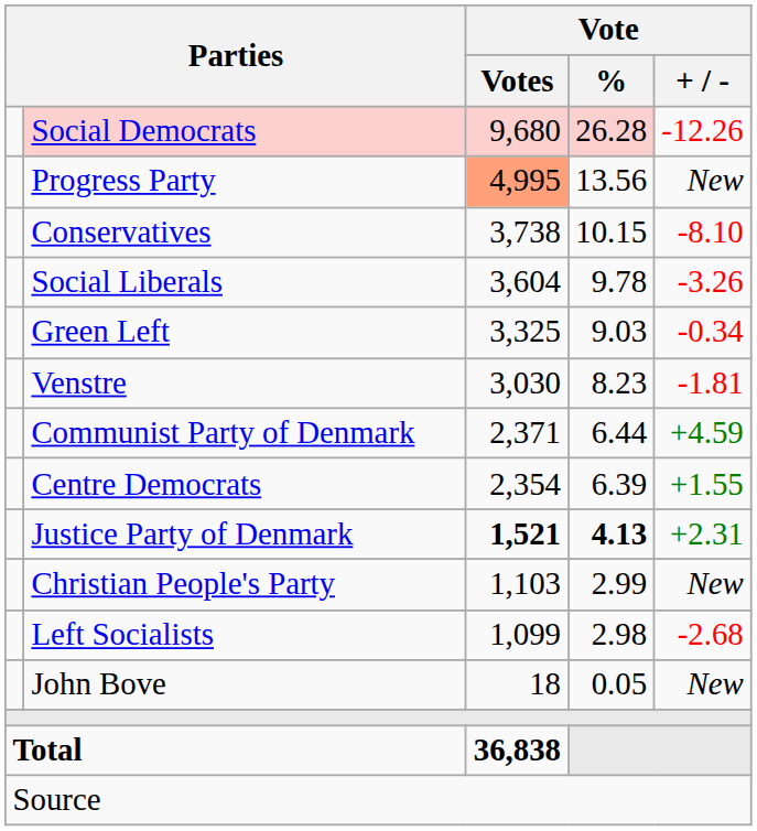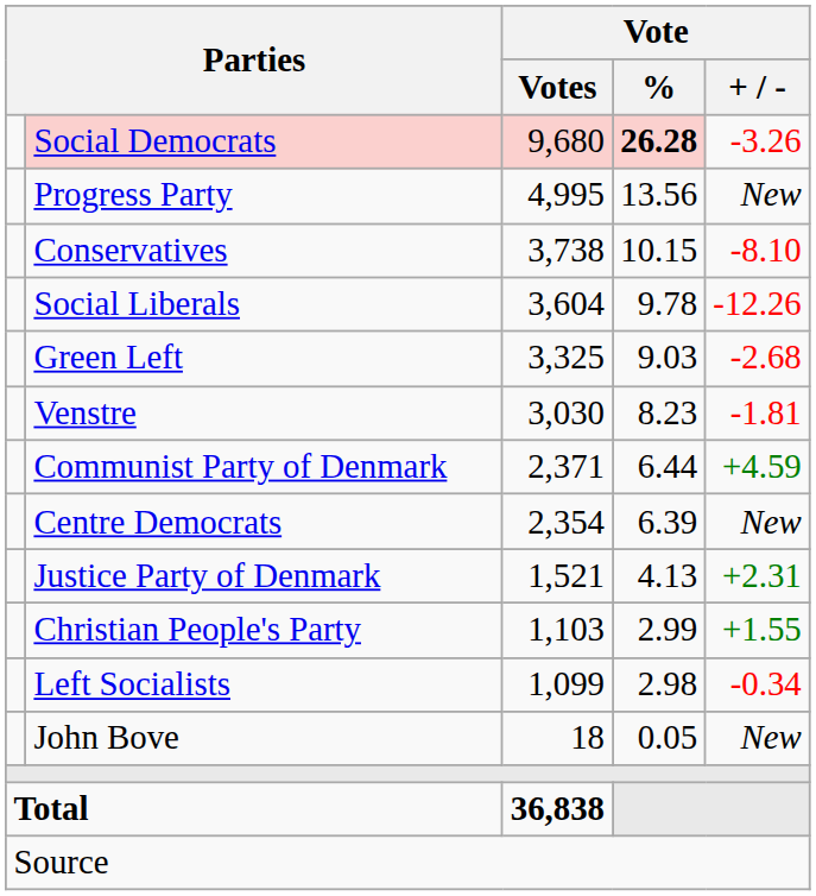 <table class="wikitable" style="text-align:right;">
 <tr>
 <th style="text-align:centre;" rowspan="2" colspan="2" width="225">Parties</th>
 <th colspan="3">Vote</th>
 </tr>
 <tr>
 <th width="15">Votes</th>
 <th width="15">%</th>
 <th width="15">+ / -</th>
 </tr>
 <tr>
 <td width="2" style="color:inherit;background:"></td>
 <td bgcolor=#fbd0ce  align="left"><a href='#'>Social Democrats</a></td>
 <td bgcolor=#fbd0ce>9,680</td>
-<td bgcolor=#fbd0ce>26.28</td>
-<td style=color:red;>-12.26</td>
+<td bgcolor=#fbd0ce><strong>26.28</strong></td>
+<td style=color:red;>-3.26</td>
 </tr>
 <tr>
 <td width="2" style="color:inherit;background:"></td>
 <td align="left"><a href='#'>Progress Party</a></td>
-<td style="background: lightsalmon;">4,995</td>
+<td>4,995</td>
 <td>13.56</td>
 <td><em>New</em></td>
 </tr>
 <tr>
 <td width="2" style="color:inherit;background:"></td>
 <td align="left"><a href='#'>Conservatives</a></td>
 <td>3,738</td>
 <td>10.15</td>
 <td style=color:red;>-8.10</td>
 </tr>
 <tr>
 <td width="2" style="color:inherit;background:"></td>
 <td align="left"><a href='#'>Social Liberals</a></td>
 <td>3,604</td>
 <td>9.78</td>
-<td style=color:red;>-3.26</td>
+<td style=color:red;>-12.26</td>
 </tr>
 <tr>
 <td width="2" style="color:inherit;background:"></td>
 <td align="left"><a href='#'>Green Left</a></td>
 <td>3,325</td>
 <td>9.03</td>
-<td style=color:red;>-0.34</td>
+<td style=color:red;>-2.68</td>
 </tr>
 <tr>
 <td width="2" style="color:inherit;background:"></td>
 <td align="left"><a href='#'>Venstre</a></td>
 <td>3,030</td>
 <td>8.23</td>
 <td style=color:red;>-1.81</td>
 </tr>
 <tr>
 <td width="2" style="color:inherit;background:"></td>
 <td align="left"><a href='#'>Communist Party of Denmark</a></td>
 <td>2,371</td>
 <td>6.44</td>
 <td style=color:green;>+4.59</td>
 </tr>
 <tr>
 <td width="2" style="color:inherit;background:"></td>
 <td align="left"><a href='#'>Centre Democrats</a></td>
 <td>2,354</td>
 <td>6.39</td>
-<td style=color:green;>+1.55</td>
+<td><em>New</em></td>
 </tr>
 <tr>
 <td width="2" style="color:inherit;background:"></td>
 <td align="left"><a href='#'>Justice Party of Denmark</a></td>
-<td><strong>1,521</strong></td>
-<td><strong>4.13</strong></td>
+<td>1,521</td>
+<td>4.13</td>
 <td style=color:green;>+2.31</td>
 </tr>
 <tr>
 <td width="2" style="color:inherit;background:"></td>
 <td align="left"><a href='#'>Christian People's Party</a></td>
 <td>1,103</td>
 <td>2.99</td>
-<td><em>New</em></td>
+<td style=color:green;>+1.55</td>
 </tr>
 <tr>
 <td width="2" style="color:inherit;background:"></td>
 <td align="left"><a href='#'>Left Socialists</a></td>
 <td>1,099</td>
 <td>2.98</td>
-<td style=color:red;>-2.68</td>
+<td style=color:red;>-0.34</td>
 </tr>
 <tr>
 <td width="2" style="color:inherit;background:"></td>
 <td align="left">John Bove</td>
 <td>18</td>
 <td>0.05</td>
 <td><em>New</em></td>
 </tr>
 <tr>
 <td colspan="7" bgcolor="#E9E9E9"></td>
 </tr>
 <tr>
 <td align="left" colspan="2"><strong>Total</strong></td>
 <td><strong>36,838</strong></td>
 <td bgcolor="#E9E9E9" colspan="2"></td>
 </tr>
 <tr>
 <td align="left" colspan="6">Source</td>
 </tr>
 </table>
